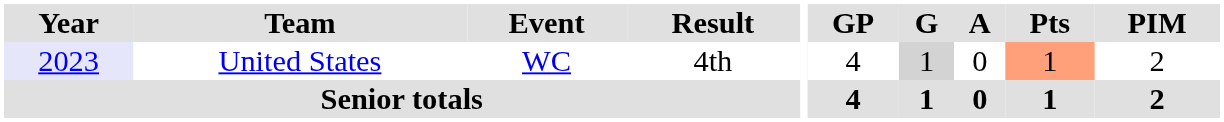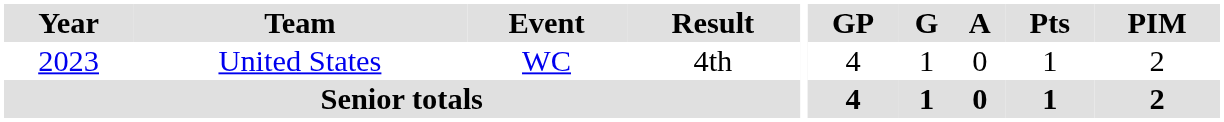 <table border="0" cellpadding="1" cellspacing="0" ID="Table3" style="text-align:center; width:40em">
 <tr ALIGN="center" bgcolor="#e0e0e0">
 <th>Year</th>
 <th>Team</th>
 <th>Event</th>
 <th>Result</th>
 <th rowspan="99" bgcolor="#ffffff"></th>
 <th>GP</th>
 <th>G</th>
 <th>A</th>
 <th>Pts</th>
 <th>PIM</th>
 </tr>
 <tr>
-<td style="background: lavender;"><a href='#'>2023</a></td>
+<td><a href='#'>2023</a></td>
 <td><a href='#'>United States</a></td>
 <td><a href='#'>WC</a></td>
 <td>4th</td>
 <td>4</td>
-<td style="background: lightgrey;">1</td>
+<td>1</td>
 <td>0</td>
-<td style="background: lightsalmon;">1</td>
+<td>1</td>
 <td>2</td>
 </tr>
 <tr bgcolor="#e0e0e0">
 <th colspan="4">Senior totals</th>
 <th>4</th>
 <th>1</th>
 <th>0</th>
 <th>1</th>
 <th>2</th>
 </tr>
 </table>
